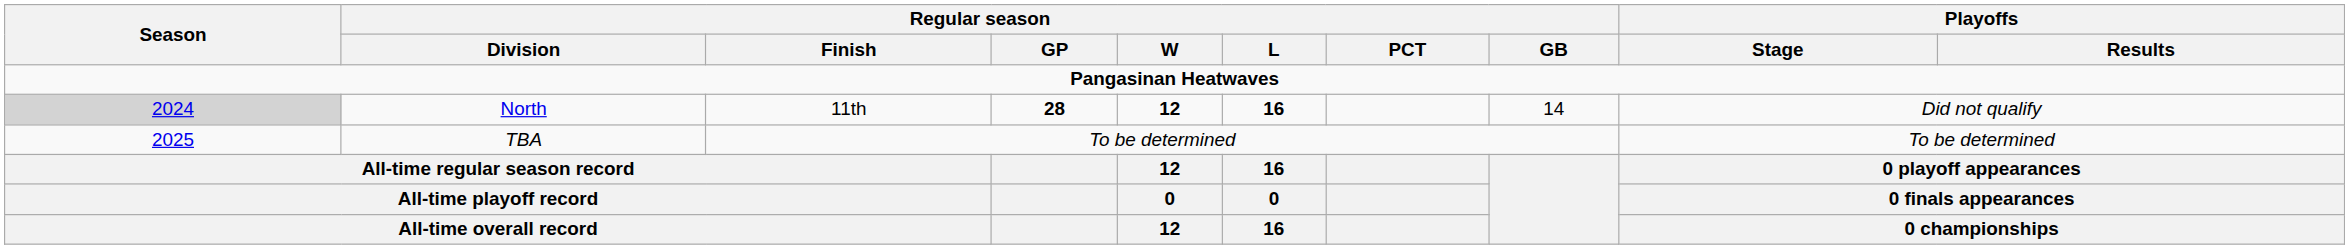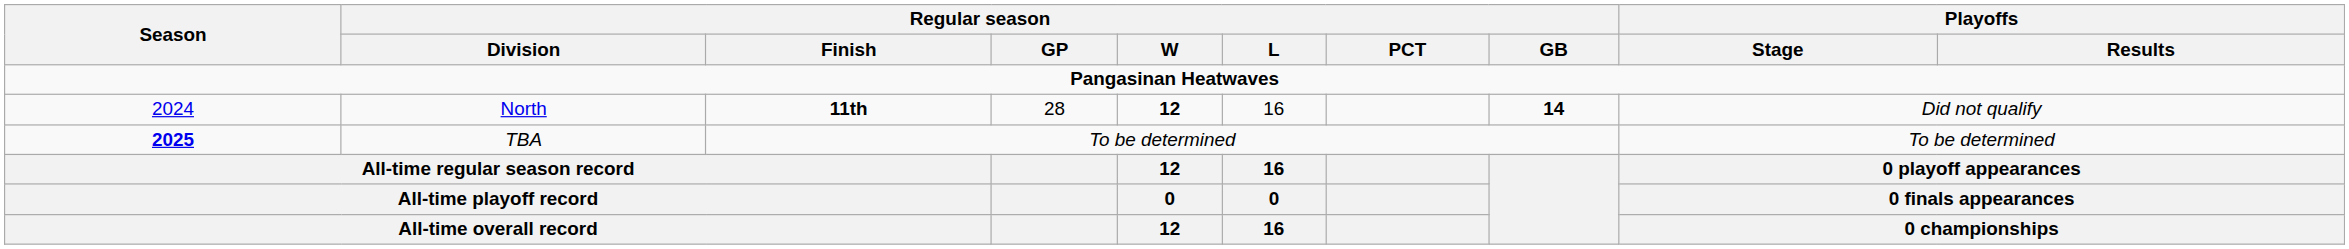 <table class=wikitable style="width:100%; text-align:center">
 <tr>
 <th rowspan="2">Season</th>
 <th colspan="7">Regular season</th>
 <th colspan="2">Playoffs</th>
 </tr>
 <tr>
 <th>Division</th>
 <th>Finish</th>
 <th>GP</th>
 <th>W</th>
 <th>L</th>
 <th>PCT</th>
 <th>GB</th>
 <th>Stage</th>
 <th>Results</th>
 </tr>
 <tr>
 <td colspan=10><span><strong>Pangasinan Heatwaves</strong></span></td>
 </tr>
 <tr>
-<td style="background: lightgrey;"><a href='#'>2024</a></td>
+<td><a href='#'>2024</a></td>
 <td><a href='#'>North</a></td>
-<td>11th</td>
-<td><strong>28</strong></td>
+<td><strong>11th</strong></td>
+<td>28</td>
 <td><strong>12</strong></td>
-<td><strong>16</strong></td>
+<td>16</td>
 <td></td>
-<td>14</td>
+<td><strong>14</strong></td>
 <td colspan="2"><em>Did not qualify</em></td>
 </tr>
 <tr>
-<td><a href='#'>2025</a></td>
+<td><strong><a href='#'>2025</a></strong></td>
 <td><em>TBA</em></td>
 <td colspan="6"><em>To be determined</em></td>
 <td colspan="2"><em>To be determined</em></td>
 </tr>
 <tr>
 <th colspan="3">All-time regular season record</th>
 <th></th>
 <th>12</th>
 <th>16</th>
 <th></th>
 <th rowspan="3"></th>
 <th colspan="2">0 playoff appearances</th>
 </tr>
 <tr>
 <th colspan="3">All-time playoff record</th>
 <th></th>
 <th>0</th>
 <th>0</th>
 <th></th>
 <th colspan=2>0 finals appearances</th>
 </tr>
 <tr>
 <th colspan="3">All-time overall record</th>
 <th></th>
 <th>12</th>
 <th>16</th>
 <th></th>
 <th colspan="2">0 championships</th>
 </tr>
 </table>
